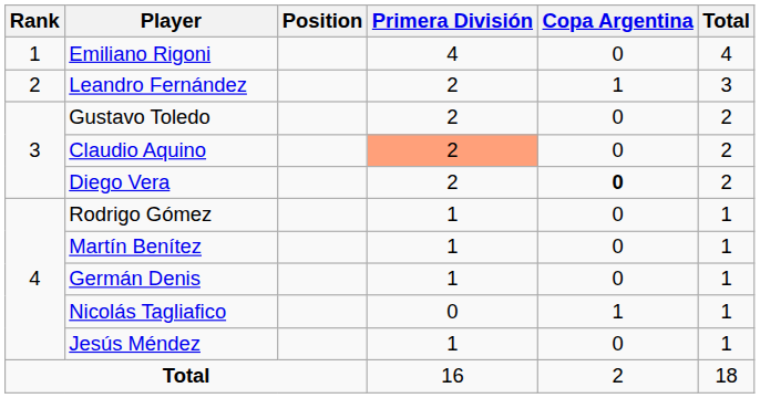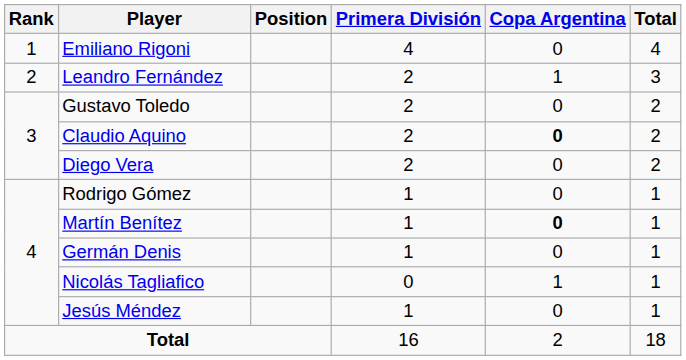 <table class="wikitable">
 <tr>
 <th>Rank</th>
 <th style="width:160px;">Player</th>
 <th>Position</th>
 <th><a href='#'>Primera División</a></th>
 <th><a href='#'>Copa Argentina</a></th>
 <th>Total</th>
 </tr>
 <tr>
 <td align=center>1</td>
 <td align=left> <a href='#'>Emiliano Rigoni</a></td>
 <td align=center></td>
 <td align=center>4</td>
 <td align=center>0</td>
 <td align=center>4</td>
 </tr>
 <tr>
 <td align=center>2</td>
 <td align=left> <a href='#'>Leandro Fernández</a></td>
 <td align=center></td>
 <td align=center>2</td>
 <td align=center>1</td>
 <td align=center>3</td>
 </tr>
 <tr>
 <td align=center rowspan=3>3</td>
 <td align=left> Gustavo Toledo</td>
 <td align=center></td>
 <td align=center>2</td>
 <td align=center>0</td>
 <td align=center>2</td>
 </tr>
 <tr>
 <td align=left> <a href='#'>Claudio Aquino</a></td>
 <td align=center></td>
-<td align=center style="background: lightsalmon;">2</td>
-<td align=center>0</td>
+<td align=center>2</td>
+<td align=center><strong>0</strong></td>
 <td align=center>2</td>
 </tr>
 <tr>
 <td align=left> <a href='#'>Diego Vera</a></td>
 <td align=center></td>
 <td align=center>2</td>
-<td align=center><strong>0</strong></td>
+<td align=center>0</td>
 <td align=center>2</td>
 </tr>
 <tr>
 <td align=center rowspan=5>4</td>
 <td align=left> Rodrigo Gómez</td>
 <td align=center></td>
 <td align=center>1</td>
 <td align=center>0</td>
 <td align=center>1</td>
 </tr>
 <tr>
 <td align=left> <a href='#'>Martín Benítez</a></td>
 <td align=center></td>
 <td align=center>1</td>
-<td align=center>0</td>
+<td align=center><strong>0</strong></td>
 <td align=center>1</td>
 </tr>
 <tr>
 <td align=left> <a href='#'>Germán Denis</a></td>
 <td align=center></td>
 <td align=center>1</td>
 <td align=center>0</td>
 <td align=center>1</td>
 </tr>
 <tr>
 <td align=left> <a href='#'>Nicolás Tagliafico</a></td>
 <td align=center></td>
 <td align=center>0</td>
 <td align=center>1</td>
 <td align=center>1</td>
 </tr>
 <tr>
 <td align=left> <a href='#'>Jesús Méndez</a></td>
 <td align=center></td>
 <td align=center>1</td>
 <td align=center>0</td>
 <td align=center>1</td>
 </tr>
 <tr>
 <td align=center colspan=3><strong>Total</strong></td>
 <td align=center>16</td>
 <td align=center>2</td>
 <td align=center>18</td>
 </tr>
 </table>
